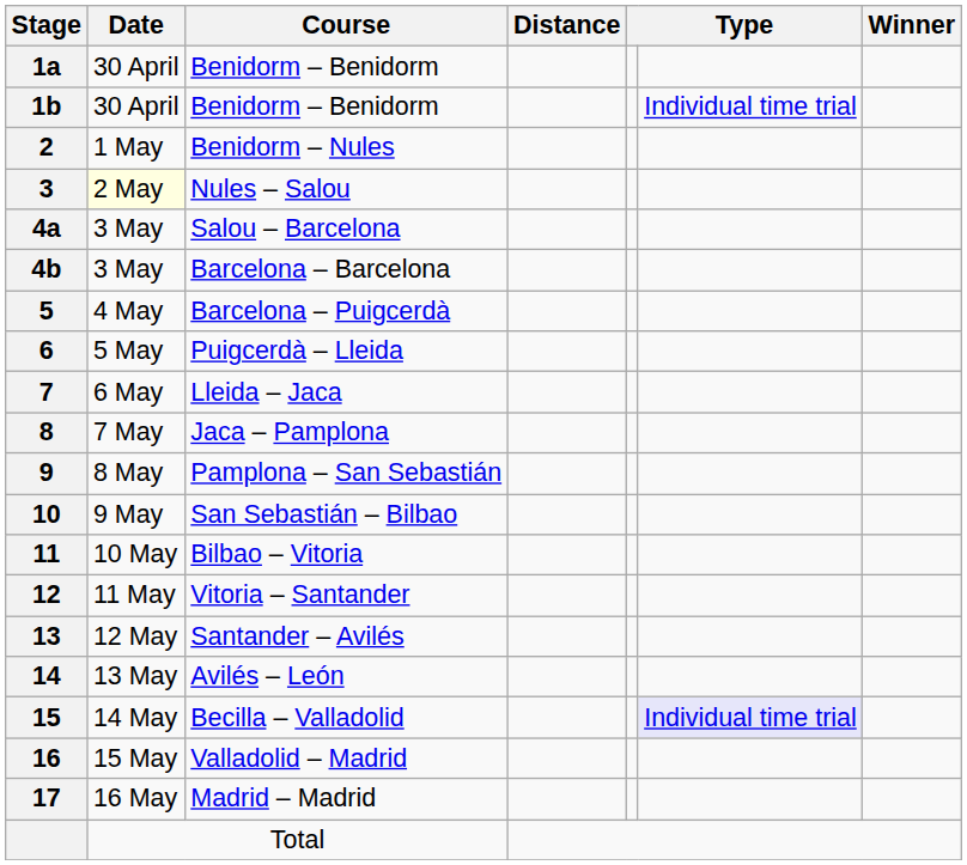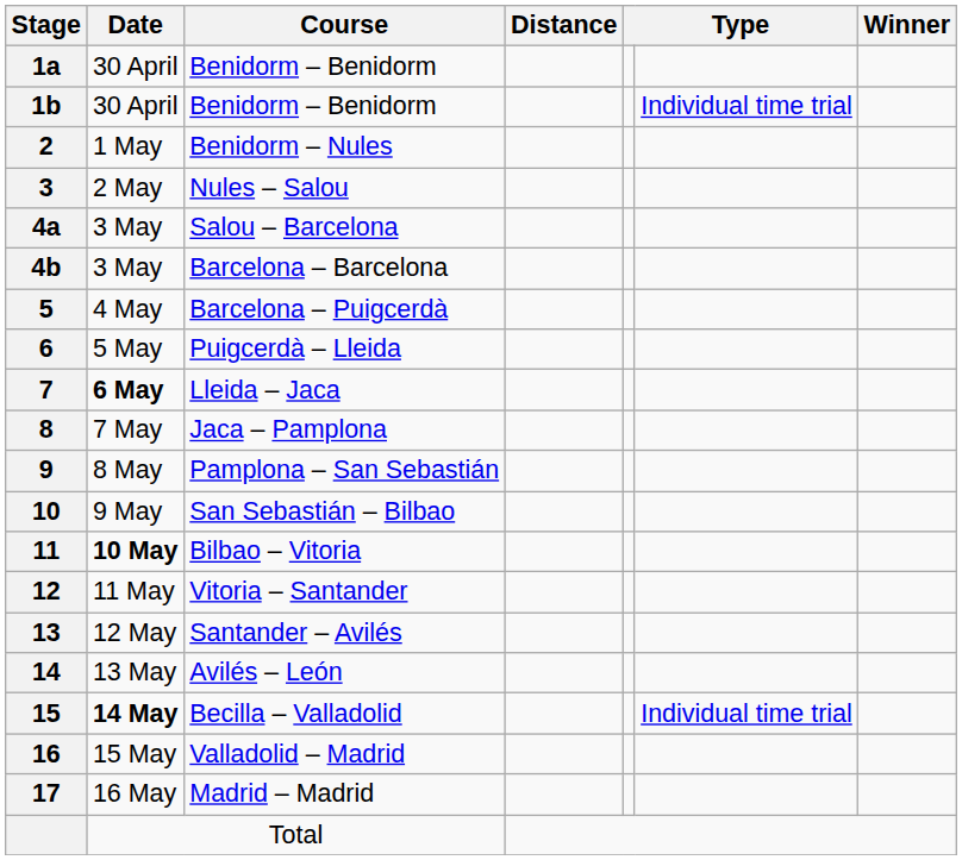 <table class="wikitable">
 <tr>
 <th scope="col">Stage</th>
 <th scope="col">Date</th>
 <th scope="col">Course</th>
 <th scope="col">Distance</th>
 <th scope="col" colspan="2">Type</th>
 <th scope="col">Winner</th>
 </tr>
 <tr>
 <th scope="row">1a</th>
 <td>30 April</td>
 <td><a href='#'>Benidorm</a> – Benidorm</td>
 <td style="text-align:center;"></td>
 <td></td>
 <td></td>
 <td></td>
 </tr>
 <tr>
 <th scope="row">1b</th>
 <td>30 April</td>
 <td><a href='#'>Benidorm</a> – Benidorm</td>
 <td style="text-align:center;"></td>
 <td></td>
 <td><a href='#'>Individual time trial</a></td>
 <td></td>
 </tr>
 <tr>
 <th scope="row">2</th>
 <td>1 May</td>
 <td><a href='#'>Benidorm</a> – <a href='#'>Nules</a></td>
 <td style="text-align:center;"></td>
 <td></td>
 <td></td>
 <td></td>
 </tr>
 <tr>
 <th scope="row">3</th>
-<td style="background: lightyellow;">2 May</td>
+<td>2 May</td>
 <td><a href='#'>Nules</a> – <a href='#'>Salou</a></td>
 <td style="text-align:center;"></td>
 <td></td>
 <td></td>
 <td></td>
 </tr>
 <tr>
 <th scope="row">4a</th>
 <td>3 May</td>
 <td><a href='#'>Salou</a> – <a href='#'>Barcelona</a></td>
 <td style="text-align:center;"></td>
 <td></td>
 <td></td>
 <td></td>
 </tr>
 <tr>
 <th scope="row">4b</th>
 <td>3 May</td>
 <td><a href='#'>Barcelona</a> – Barcelona</td>
 <td style="text-align:center;"></td>
 <td></td>
 <td></td>
 <td></td>
 </tr>
 <tr>
 <th scope="row">5</th>
 <td>4 May</td>
 <td><a href='#'>Barcelona</a> – <a href='#'>Puigcerdà</a></td>
 <td style="text-align:center;"></td>
 <td></td>
 <td></td>
 <td></td>
 </tr>
 <tr>
 <th scope="row">6</th>
 <td>5 May</td>
 <td><a href='#'>Puigcerdà</a> – <a href='#'>Lleida</a></td>
 <td style="text-align:center;"></td>
 <td></td>
 <td></td>
 <td></td>
 </tr>
 <tr>
 <th scope="row">7</th>
-<td>6 May</td>
+<td><strong>6 May</strong></td>
 <td><a href='#'>Lleida</a> – <a href='#'>Jaca</a></td>
 <td style="text-align:center;"></td>
 <td></td>
 <td></td>
 <td></td>
 </tr>
 <tr>
 <th scope="row">8</th>
 <td>7 May</td>
 <td><a href='#'>Jaca</a> – <a href='#'>Pamplona</a></td>
 <td style="text-align:center;"></td>
 <td></td>
 <td></td>
 <td></td>
 </tr>
 <tr>
 <th scope="row">9</th>
 <td>8 May</td>
 <td><a href='#'>Pamplona</a> – <a href='#'>San Sebastián</a></td>
 <td style="text-align:center;"></td>
 <td></td>
 <td></td>
 <td></td>
 </tr>
 <tr>
 <th scope="row">10</th>
 <td>9 May</td>
 <td><a href='#'>San Sebastián</a> – <a href='#'>Bilbao</a></td>
 <td style="text-align:center;"></td>
 <td></td>
 <td></td>
 <td></td>
 </tr>
 <tr>
 <th scope="row">11</th>
-<td>10 May</td>
+<td><strong>10 May</strong></td>
 <td><a href='#'>Bilbao</a> – <a href='#'>Vitoria</a></td>
 <td style="text-align:center;"></td>
 <td></td>
 <td></td>
 <td></td>
 </tr>
 <tr>
 <th scope="row">12</th>
 <td>11 May</td>
 <td><a href='#'>Vitoria</a> – <a href='#'>Santander</a></td>
 <td style="text-align:center;"></td>
 <td></td>
 <td></td>
 <td></td>
 </tr>
 <tr>
 <th scope="row">13</th>
 <td>12 May</td>
 <td><a href='#'>Santander</a> – <a href='#'>Avilés</a></td>
 <td style="text-align:center;"></td>
 <td></td>
 <td></td>
 <td></td>
 </tr>
 <tr>
 <th scope="row">14</th>
 <td>13 May</td>
 <td><a href='#'>Avilés</a> – <a href='#'>León</a></td>
 <td style="text-align:center;"></td>
 <td></td>
 <td></td>
 <td></td>
 </tr>
 <tr>
 <th scope="row">15</th>
-<td>14 May</td>
+<td><strong>14 May</strong></td>
 <td><a href='#'>Becilla</a> – <a href='#'>Valladolid</a></td>
 <td style="text-align:center;"></td>
 <td></td>
-<td style="background: lavender;"><a href='#'>Individual time trial</a></td>
+<td><a href='#'>Individual time trial</a></td>
 <td></td>
 </tr>
 <tr>
 <th scope="row">16</th>
 <td>15 May</td>
 <td><a href='#'>Valladolid</a> – <a href='#'>Madrid</a></td>
 <td style="text-align:center;"></td>
 <td></td>
 <td></td>
 <td></td>
 </tr>
 <tr>
 <th scope="row">17</th>
 <td>16 May</td>
 <td><a href='#'>Madrid</a> – Madrid</td>
 <td style="text-align:center;"></td>
 <td></td>
 <td></td>
 <td></td>
 </tr>
 <tr>
 <th scope="row"></th>
 <td colspan="2" style="text-align:center">Total</td>
 <td colspan="4" style="text-align:center"></td>
 </tr>
 </table>
